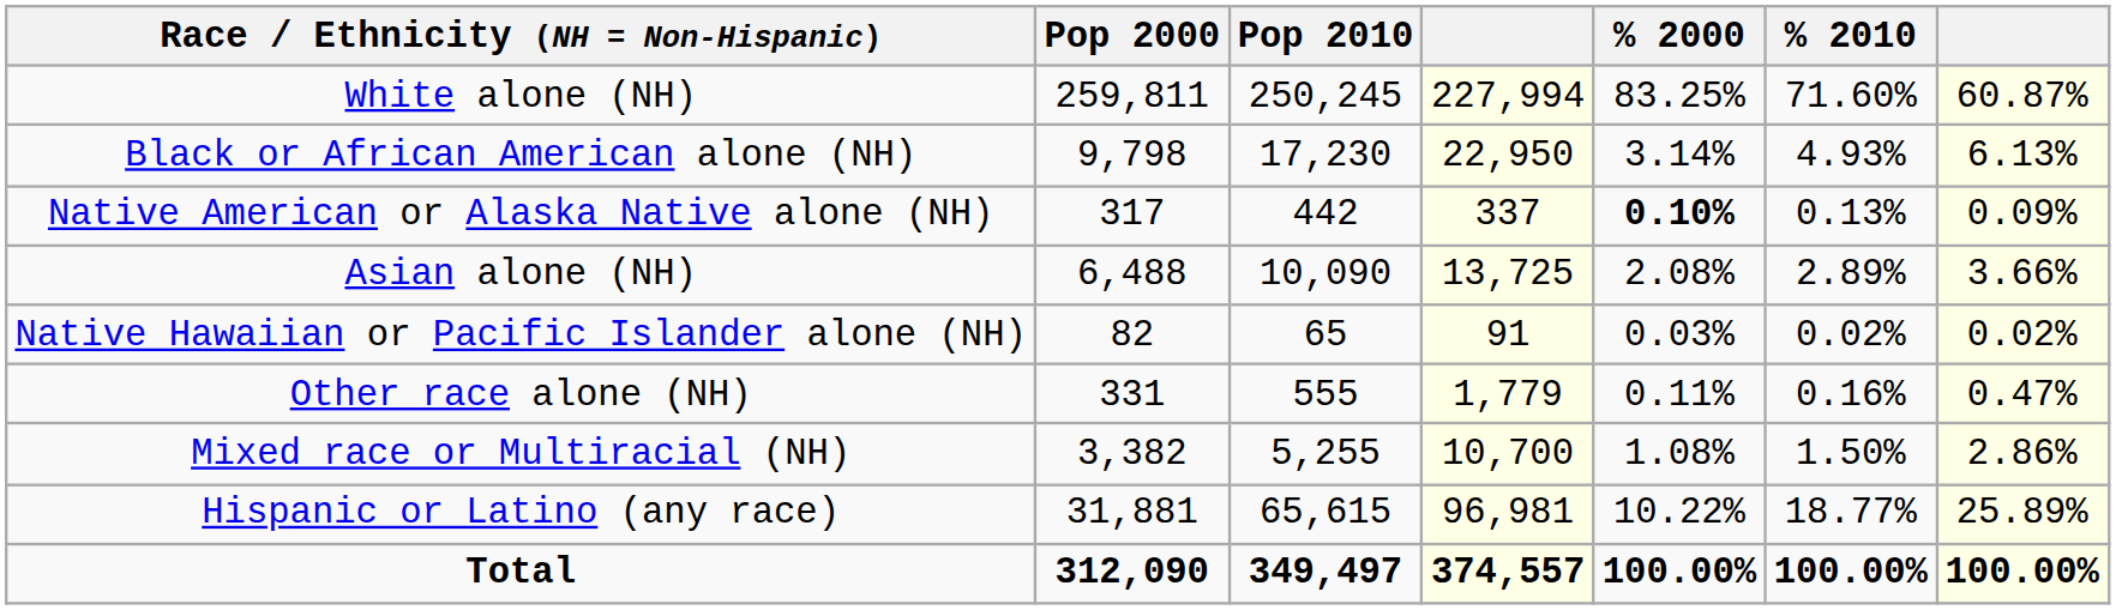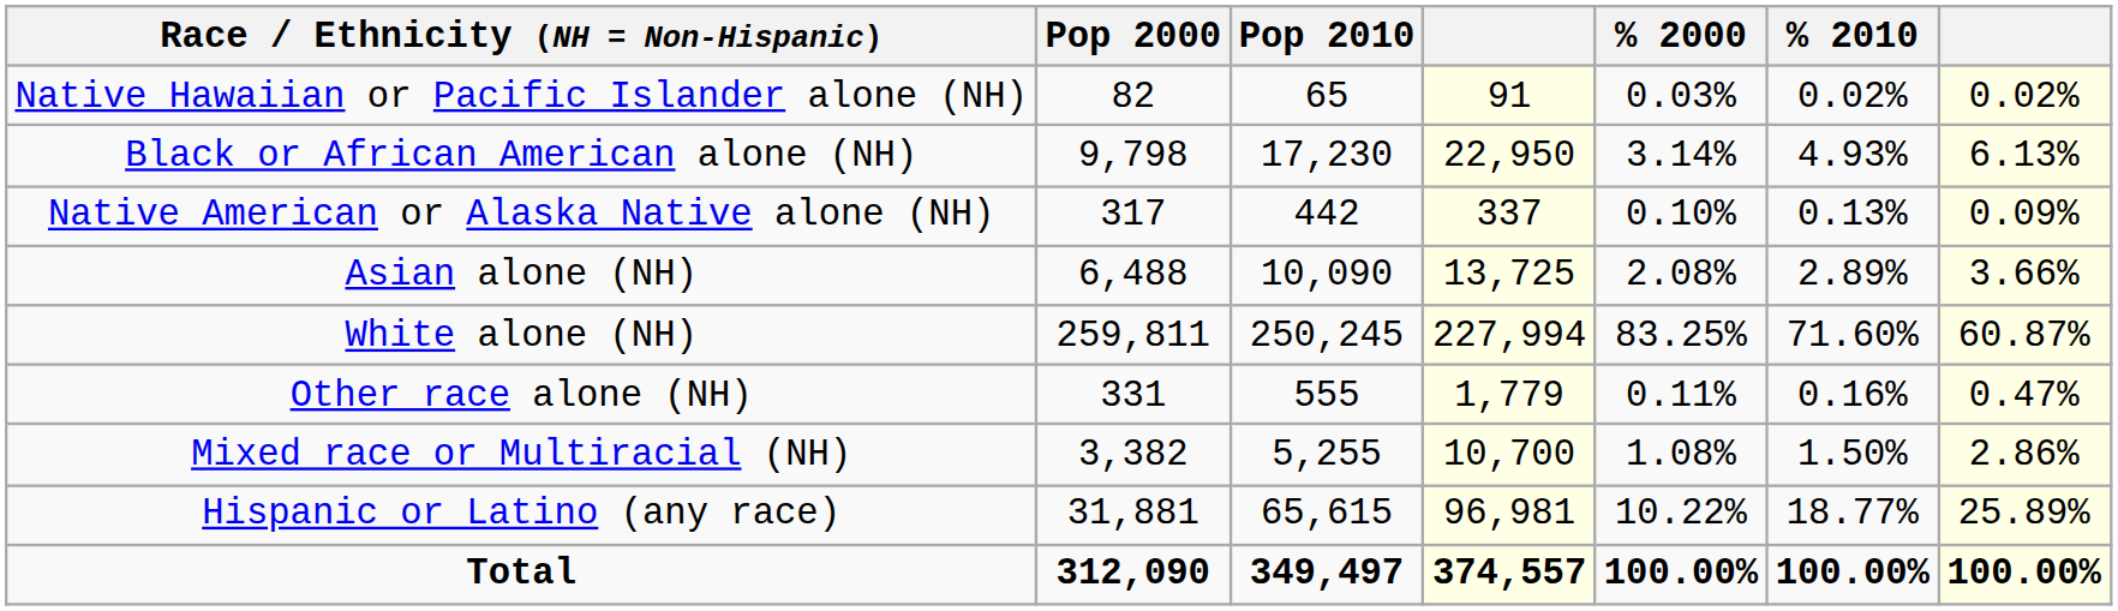 <table class="wikitable" style="text-align:center;">
 <tr>
 <th>Race / Ethnicity <small>(<em>NH = Non-Hispanic</em>)</small></th>
 <th>Pop 2000</th>
 <th>Pop 2010</th>
 <th></th>
 <th>% 2000</th>
 <th>% 2010</th>
 <th></th>
 </tr>
 <tr>
-<td><a href='#'>White</a> alone (NH)</td>
-<td>259,811</td>
-<td>250,245</td>
-<td style='background: #ffffe6;'>227,994</td>
-<td>83.25%</td>
-<td>71.60%</td>
-<td style='background: #ffffe6;'>60.87%</td>
+<td><a href='#'>Native Hawaiian</a> or <a href='#'>Pacific Islander</a> alone (NH)</td>
+<td>82</td>
+<td>65</td>
+<td style='background: #ffffe6;'>91</td>
+<td>0.03%</td>
+<td>0.02%</td>
+<td style='background: #ffffe6;'>0.02%</td>
 </tr>
 <tr>
 <td><a href='#'>Black or African American</a> alone (NH)</td>
 <td>9,798</td>
 <td>17,230</td>
 <td style='background: #ffffe6;'>22,950</td>
 <td>3.14%</td>
 <td>4.93%</td>
 <td style='background: #ffffe6;'>6.13%</td>
 </tr>
 <tr>
 <td><a href='#'>Native American</a> or <a href='#'>Alaska Native</a> alone (NH)</td>
 <td>317</td>
 <td>442</td>
 <td style='background: #ffffe6;'>337</td>
-<td><strong>0.10%</strong></td>
+<td>0.10%</td>
 <td>0.13%</td>
 <td style='background: #ffffe6;'>0.09%</td>
 </tr>
 <tr>
 <td><a href='#'>Asian</a> alone (NH)</td>
 <td>6,488</td>
 <td>10,090</td>
 <td style='background: #ffffe6;'>13,725</td>
 <td>2.08%</td>
 <td>2.89%</td>
 <td style='background: #ffffe6;'>3.66%</td>
 </tr>
 <tr>
-<td><a href='#'>Native Hawaiian</a> or <a href='#'>Pacific Islander</a> alone (NH)</td>
-<td>82</td>
-<td>65</td>
-<td style='background: #ffffe6;'>91</td>
-<td>0.03%</td>
-<td>0.02%</td>
-<td style='background: #ffffe6;'>0.02%</td>
+<td><a href='#'>White</a> alone (NH)</td>
+<td>259,811</td>
+<td>250,245</td>
+<td style='background: #ffffe6;'>227,994</td>
+<td>83.25%</td>
+<td>71.60%</td>
+<td style='background: #ffffe6;'>60.87%</td>
 </tr>
 <tr>
 <td><a href='#'>Other race</a> alone (NH)</td>
 <td>331</td>
 <td>555</td>
 <td style='background: #ffffe6;'>1,779</td>
 <td>0.11%</td>
 <td>0.16%</td>
 <td style='background: #ffffe6;'>0.47%</td>
 </tr>
 <tr>
 <td><a href='#'>Mixed race or Multiracial</a> (NH)</td>
 <td>3,382</td>
 <td>5,255</td>
 <td style='background: #ffffe6;'>10,700</td>
 <td>1.08%</td>
 <td>1.50%</td>
 <td style='background: #ffffe6;'>2.86%</td>
 </tr>
 <tr>
 <td><a href='#'>Hispanic or Latino</a> (any race)</td>
 <td>31,881</td>
 <td>65,615</td>
 <td style='background: #ffffe6;'>96,981</td>
 <td>10.22%</td>
 <td>18.77%</td>
 <td style='background: #ffffe6;'>25.89%</td>
 </tr>
 <tr>
 <td><strong>Total</strong></td>
 <td><strong>312,090</strong></td>
 <td><strong>349,497</strong></td>
 <td style='background: #ffffe6;'><strong>374,557</strong></td>
 <td><strong>100.00%</strong></td>
 <td><strong>100.00%</strong></td>
 <td style='background: #ffffe6;'><strong>100.00%</strong></td>
 </tr>
 </table>
